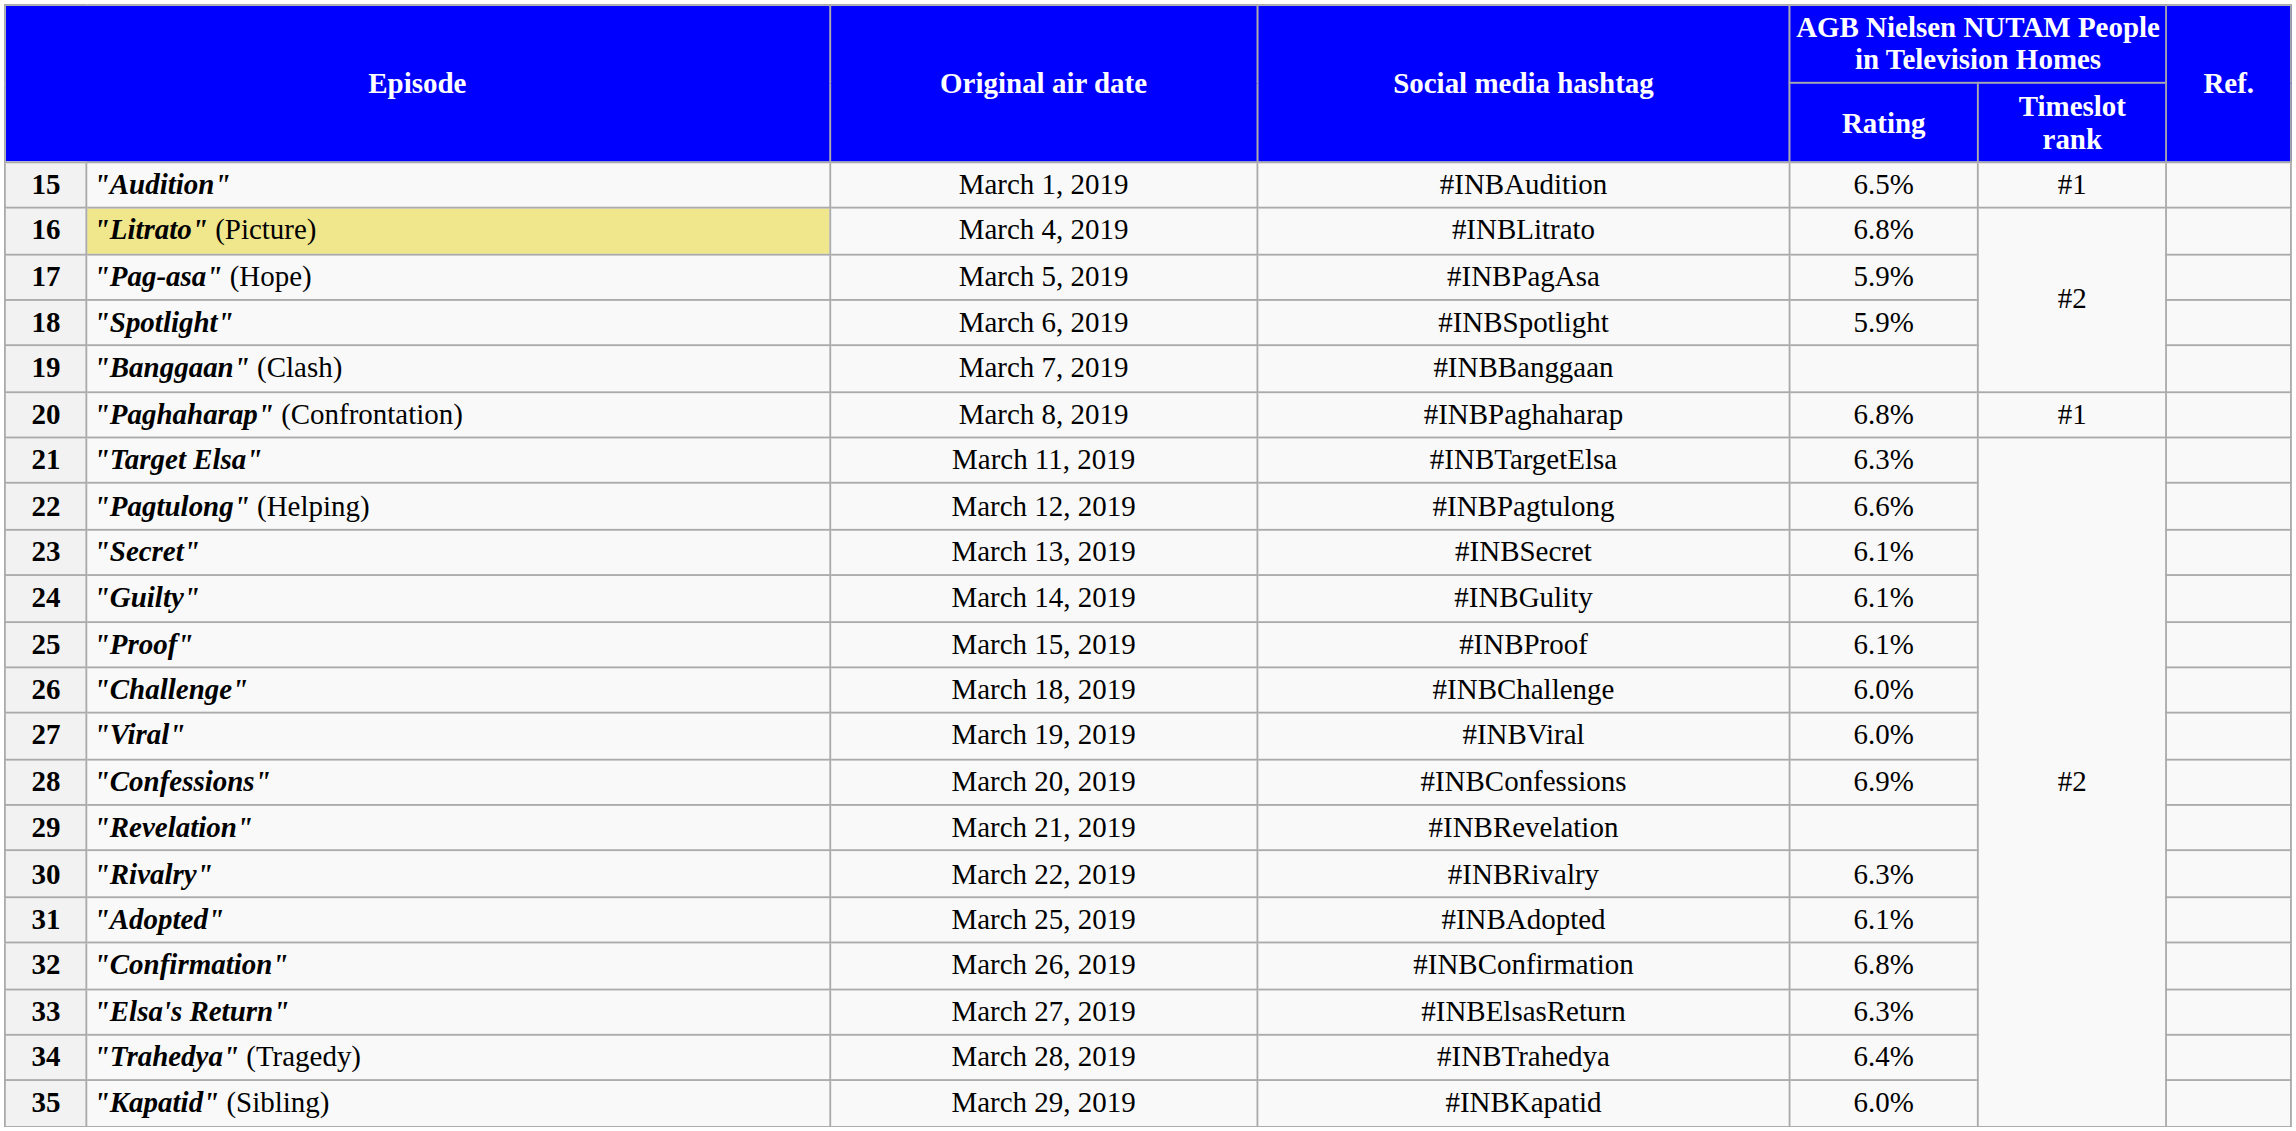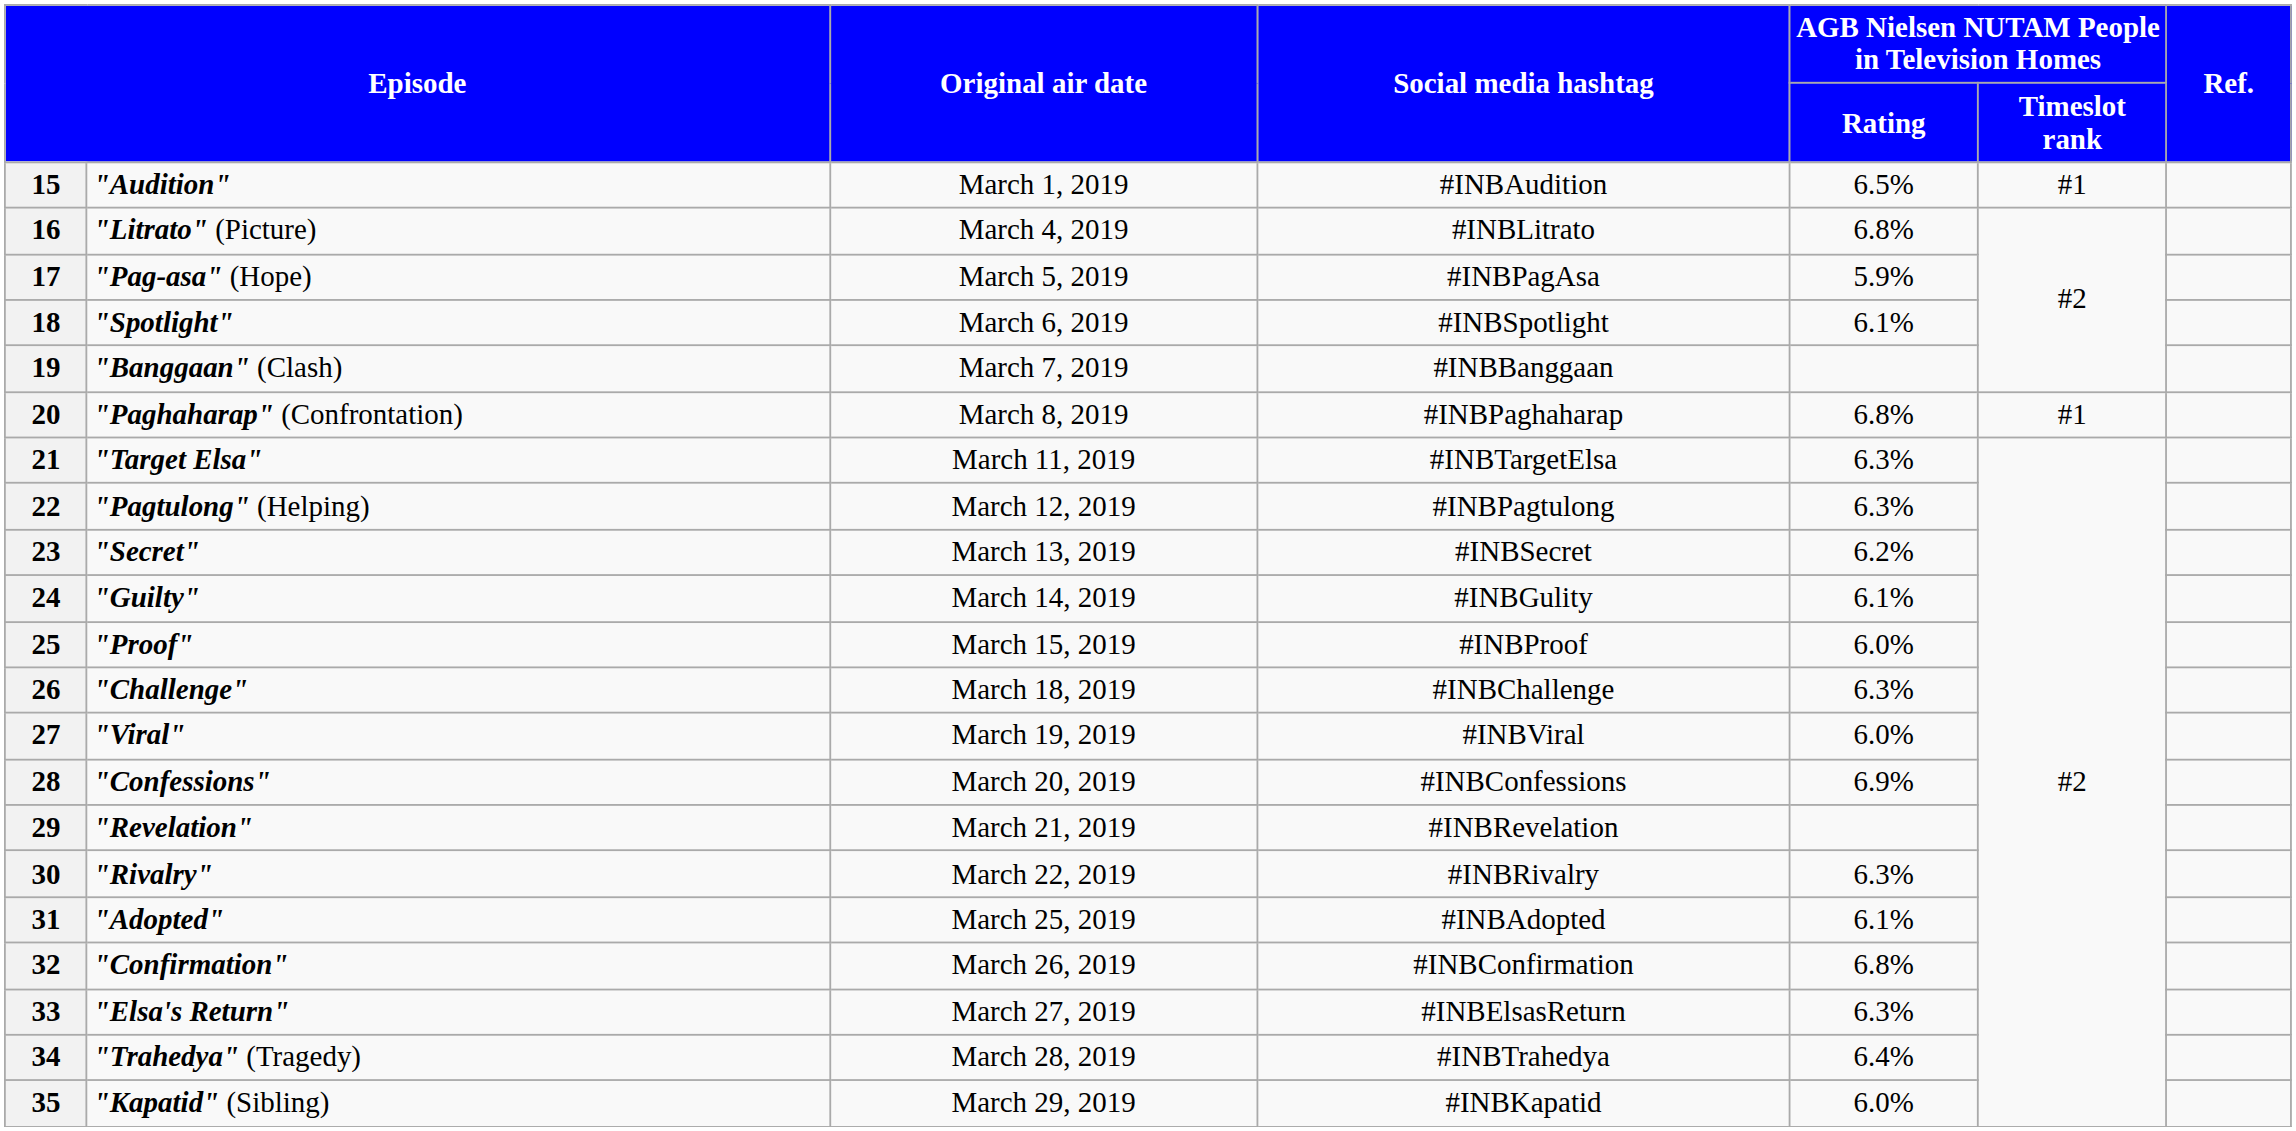 <table class="wikitable" style="text-align:center; font-size:100%; line-height:18px;" width="100%">
 <tr>
 <th style="background-color:#0000FF; color:#ffffff;" colspan="2" rowspan="2">Episode</th>
 <th style="background-color:#0000FF; color:white" rowspan="2">Original air date</th>
 <th style="background-color:#0000FF; color:white" rowspan="2">Social media hashtag</th>
 <th style="background-color:#0000FF; color:#ffffff;" colspan="2">AGB Nielsen NUTAM People in Television Homes</th>
 <th style="background-color:#0000FF;  color:#ffffff;" rowspan="2">Ref.</th>
 </tr>
 <tr>
 <th style="background-color:#0000FF; width:75px; color:#ffffff;">Rating</th>
 <th style="background-color:#0000FF;  width:75px; color:#ffffff;">Timeslot<br>rank</th>
 </tr>
 <tr>
 <th>15</th>
 <td style="text-align: left;"><strong><em>"Audition"</em></strong></td>
 <td>March 1, 2019</td>
 <td>#INBAudition</td>
 <td>6.5%</td>
 <td>#1</td>
 <td></td>
 </tr>
 <tr>
 <th>16</th>
-<td style="background: khaki; text-align: left;"><strong><em>"Litrato"</em></strong> (Picture)</td>
+<td style="text-align: left;"><strong><em>"Litrato"</em></strong> (Picture)</td>
 <td>March 4, 2019</td>
 <td>#INBLitrato</td>
 <td>6.8%</td>
 <td rowspan="4">#2</td>
 <td></td>
 </tr>
 <tr>
 <th>17</th>
 <td style="text-align: left;"><strong><em>"Pag-asa"</em></strong> (Hope)</td>
 <td>March 5, 2019</td>
 <td>#INBPagAsa</td>
 <td>5.9%</td>
 <td></td>
 </tr>
 <tr>
 <th>18</th>
 <td style="text-align: left;"><strong><em>"Spotlight"</em></strong></td>
 <td>March 6, 2019</td>
 <td>#INBSpotlight</td>
-<td>5.9%</td>
+<td>6.1%</td>
 <td></td>
 </tr>
 <tr>
 <th>19</th>
 <td style="text-align: left;"><strong><em>"Banggaan"</em></strong> (Clash)</td>
 <td>March 7, 2019</td>
 <td>#INBBanggaan</td>
 <td></td>
 <td></td>
 </tr>
 <tr>
 <th>20</th>
 <td style="text-align: left;"><strong><em>"Paghaharap"</em></strong> (Confrontation)</td>
 <td>March 8, 2019</td>
 <td>#INBPaghaharap</td>
 <td>6.8%</td>
 <td>#1</td>
 <td></td>
 </tr>
 <tr>
 <th>21</th>
 <td style="text-align: left;"><strong><em>"Target Elsa"</em></strong></td>
 <td>March 11, 2019</td>
 <td>#INBTargetElsa</td>
 <td>6.3%</td>
 <td rowspan="15">#2</td>
 <td></td>
 </tr>
 <tr>
 <th>22</th>
 <td style="text-align: left;"><strong><em>"Pagtulong"</em></strong> (Helping)</td>
 <td>March 12, 2019</td>
 <td>#INBPagtulong</td>
-<td>6.6%</td>
+<td>6.3%</td>
 <td></td>
 </tr>
 <tr>
 <th>23</th>
 <td style="text-align: left;"><strong><em>"Secret"</em></strong></td>
 <td>March 13, 2019</td>
 <td>#INBSecret</td>
-<td>6.1%</td>
+<td>6.2%</td>
 <td></td>
 </tr>
 <tr>
 <th>24</th>
 <td style="text-align: left;"><strong><em>"Guilty"</em></strong></td>
 <td>March 14, 2019</td>
 <td>#INBGulity</td>
 <td>6.1%</td>
 <td></td>
 </tr>
 <tr>
 <th>25</th>
 <td style="text-align: left;"><strong><em>"Proof"</em></strong></td>
 <td>March 15, 2019</td>
 <td>#INBProof</td>
-<td>6.1%</td>
+<td>6.0%</td>
 <td></td>
 </tr>
 <tr>
 <th>26</th>
 <td style="text-align: left;"><strong><em>"Challenge"</em></strong></td>
 <td>March 18, 2019</td>
 <td>#INBChallenge</td>
-<td>6.0%</td>
+<td>6.3%</td>
 <td></td>
 </tr>
 <tr>
 <th>27</th>
 <td style="text-align: left;"><strong><em>"Viral"</em></strong></td>
 <td>March 19, 2019</td>
 <td>#INBViral</td>
 <td>6.0%</td>
 <td></td>
 </tr>
 <tr>
 <th>28</th>
 <td style="text-align: left;"><strong><em>"Confessions"</em></strong></td>
 <td>March 20, 2019</td>
 <td>#INBConfessions</td>
 <td>6.9%</td>
 <td></td>
 </tr>
 <tr>
 <th>29</th>
 <td style="text-align: left;"><strong><em>"Revelation"</em></strong></td>
 <td>March 21, 2019</td>
 <td>#INBRevelation</td>
 <td></td>
 <td></td>
 </tr>
 <tr>
 <th>30</th>
 <td style="text-align: left;"><strong><em>"Rivalry"</em></strong></td>
 <td>March 22, 2019</td>
 <td>#INBRivalry</td>
 <td>6.3%</td>
 <td></td>
 </tr>
 <tr>
 <th>31</th>
 <td style="text-align: left;"><strong><em>"Adopted"</em></strong></td>
 <td>March 25, 2019</td>
 <td>#INBAdopted</td>
 <td>6.1%</td>
 <td></td>
 </tr>
 <tr>
 <th>32</th>
 <td style="text-align: left;"><strong><em>"Confirmation"</em></strong></td>
 <td>March 26, 2019</td>
 <td>#INBConfirmation</td>
 <td>6.8%</td>
 <td></td>
 </tr>
 <tr>
 <th>33</th>
 <td style="text-align: left;"><strong><em>"Elsa's Return"</em></strong></td>
 <td>March 27, 2019</td>
 <td>#INBElsasReturn</td>
 <td>6.3%</td>
 <td></td>
 </tr>
 <tr>
 <th>34</th>
 <td style="text-align: left;"><strong><em>"Trahedya"</em></strong> (Tragedy)</td>
 <td>March 28, 2019</td>
 <td>#INBTrahedya</td>
 <td>6.4%</td>
 <td></td>
 </tr>
 <tr>
 <th>35</th>
 <td style="text-align: left;"><strong><em>"Kapatid"</em></strong> (Sibling)</td>
 <td>March 29, 2019</td>
 <td>#INBKapatid</td>
 <td>6.0%</td>
 <td></td>
 </tr>
 <tr>
 </tr>
 </table>
